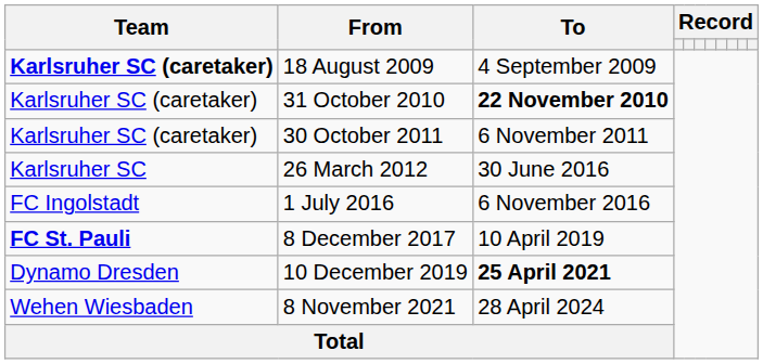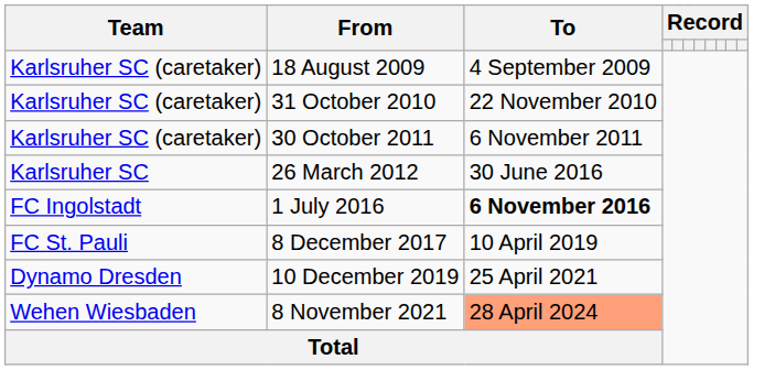 <table class="wikitable" style="text-align: center">
 <tr>
 <th rowspan="2">Team</th>
 <th rowspan="2">From</th>
 <th rowspan="2">To</th>
 <th colspan="8">Record</th>
 </tr>
 <tr>
 <th></th>
 <th></th>
 <th></th>
 <th></th>
 <th></th>
 <th></th>
 <th></th>
 <th></th>
 </tr>
 <tr>
-<td align=left><strong><a href='#'>Karlsruher SC</a> (caretaker)</strong></td>
+<td align=left><a href='#'>Karlsruher SC</a> (caretaker)</td>
 <td align=left>18 August 2009</td>
 <td align=left>4 September 2009<br></td>
 </tr>
 <tr>
 <td align=left><a href='#'>Karlsruher SC</a> (caretaker)</td>
 <td align=left>31 October 2010</td>
-<td align=left><strong>22 November 2010<br></strong></td>
+<td align=left>22 November 2010<br></td>
 </tr>
 <tr>
 <td align=left><a href='#'>Karlsruher SC</a> (caretaker)</td>
 <td align=left>30 October 2011</td>
 <td align=left>6 November 2011<br></td>
 </tr>
 <tr>
 <td align=left><a href='#'>Karlsruher SC</a></td>
 <td align=left>26 March 2012</td>
 <td align=left>30 June 2016<br></td>
 </tr>
 <tr>
 <td align=left><a href='#'>FC Ingolstadt</a></td>
 <td align=left>1 July 2016</td>
-<td align=left>6 November 2016<br></td>
+<td align=left><strong>6 November 2016<br></strong></td>
 </tr>
 <tr>
-<td align=left><strong><a href='#'>FC St. Pauli</a></strong></td>
+<td align=left><a href='#'>FC St. Pauli</a></td>
 <td align=left>8 December 2017</td>
 <td align=left>10 April 2019<br></td>
 </tr>
 <tr>
 <td align=left><a href='#'>Dynamo Dresden</a></td>
 <td align=left>10 December 2019</td>
-<td align=left><strong>25 April 2021<br></strong></td>
+<td align=left>25 April 2021<br></td>
 </tr>
 <tr>
 <td align=left><a href='#'>Wehen Wiesbaden</a></td>
 <td align=left>8 November 2021</td>
-<td align=left>28 April 2024<br></td>
+<td align=left style="background: lightsalmon;">28 April 2024<br></td>
 </tr>
 <tr>
 <th colspan="3">Total<br></th>
 </tr>
 </table>
